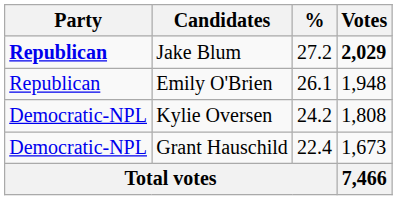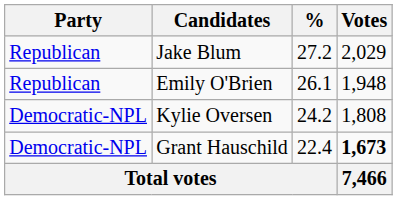 <table class="wikitable">
 <tr>
 <th>Party</th>
 <th>Candidates</th>
 <th>%</th>
 <th>Votes</th>
 </tr>
 <tr>
-<td><strong> <a href='#'>Republican</a></strong></td>
+<td> <a href='#'>Republican</a></td>
 <td>Jake Blum</td>
 <td>27.2</td>
-<td><strong>2,029</strong></td>
+<td>2,029</td>
 </tr>
 <tr>
 <td> <a href='#'>Republican</a></td>
 <td>Emily O'Brien</td>
 <td>26.1</td>
 <td>1,948</td>
 </tr>
 <tr>
 <td> <a href='#'>Democratic-NPL</a></td>
 <td>Kylie Oversen</td>
 <td>24.2</td>
 <td>1,808</td>
 </tr>
 <tr>
 <td> <a href='#'>Democratic-NPL</a></td>
 <td>Grant Hauschild</td>
 <td>22.4</td>
-<td>1,673</td>
+<td><strong>1,673</strong></td>
 </tr>
 <tr>
 <th colspan="3">Total votes</th>
 <th>7,466</th>
 </tr>
 </table>
